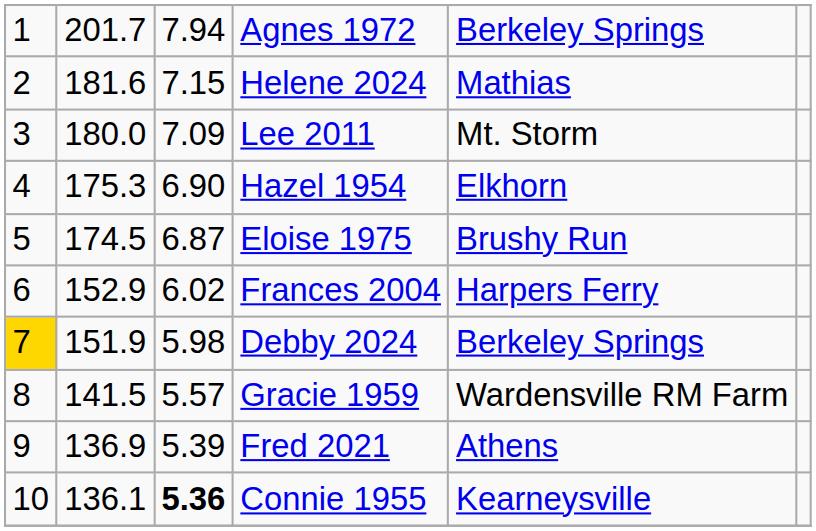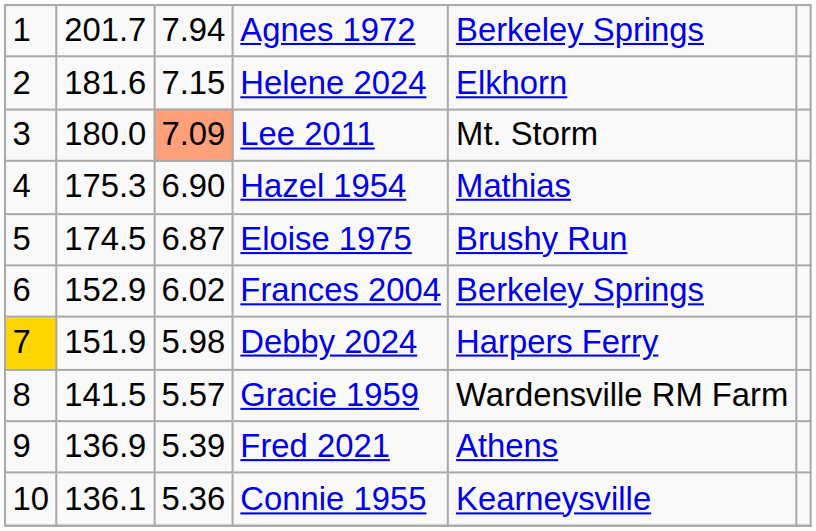 <table class="wikitable">
 <tr>
 <td>1</td>
 <td>201.7</td>
 <td>7.94</td>
 <td><a href='#'>Agnes 1972</a></td>
 <td><a href='#'>Berkeley Springs</a></td>
 <td></td>
 </tr>
 <tr>
 <td>2</td>
 <td>181.6</td>
 <td>7.15</td>
 <td><a href='#'>Helene 2024</a></td>
-<td><a href='#'>Mathias</a></td>
+<td><a href='#'>Elkhorn</a></td>
 <td></td>
 </tr>
 <tr>
 <td>3</td>
 <td>180.0</td>
-<td>7.09</td>
+<td style="background: lightsalmon;">7.09</td>
 <td><a href='#'>Lee 2011</a></td>
 <td>Mt. Storm</td>
 <td></td>
 </tr>
 <tr>
 <td>4</td>
 <td>175.3</td>
 <td>6.90</td>
 <td><a href='#'>Hazel 1954</a></td>
-<td><a href='#'>Elkhorn</a></td>
+<td><a href='#'>Mathias</a></td>
 <td></td>
 </tr>
 <tr>
 <td>5</td>
 <td>174.5</td>
 <td>6.87</td>
 <td><a href='#'>Eloise 1975</a></td>
 <td><a href='#'>Brushy Run</a></td>
 <td></td>
 </tr>
 <tr>
 <td>6</td>
 <td>152.9</td>
 <td>6.02</td>
 <td><a href='#'>Frances 2004</a></td>
-<td><a href='#'>Harpers Ferry</a></td>
+<td><a href='#'>Berkeley Springs</a></td>
 <td></td>
 </tr>
 <tr>
 <td style="background: gold;">7</td>
 <td>151.9</td>
 <td>5.98</td>
 <td><a href='#'>Debby 2024</a></td>
-<td><a href='#'>Berkeley Springs</a></td>
+<td><a href='#'>Harpers Ferry</a></td>
 <td></td>
 </tr>
 <tr>
 <td>8</td>
 <td>141.5</td>
 <td>5.57</td>
 <td><a href='#'>Gracie 1959</a></td>
 <td>Wardensville RM Farm</td>
 <td></td>
 </tr>
 <tr>
 <td>9</td>
 <td>136.9</td>
 <td>5.39</td>
 <td><a href='#'>Fred 2021</a></td>
 <td><a href='#'>Athens</a></td>
 <td></td>
 </tr>
 <tr>
 <td>10</td>
 <td>136.1</td>
-<td><strong>5.36</strong></td>
+<td>5.36</td>
 <td><a href='#'>Connie 1955</a></td>
 <td><a href='#'>Kearneysville</a></td>
 <td></td>
 </tr>
 <tr>
 </tr>
 </table>
